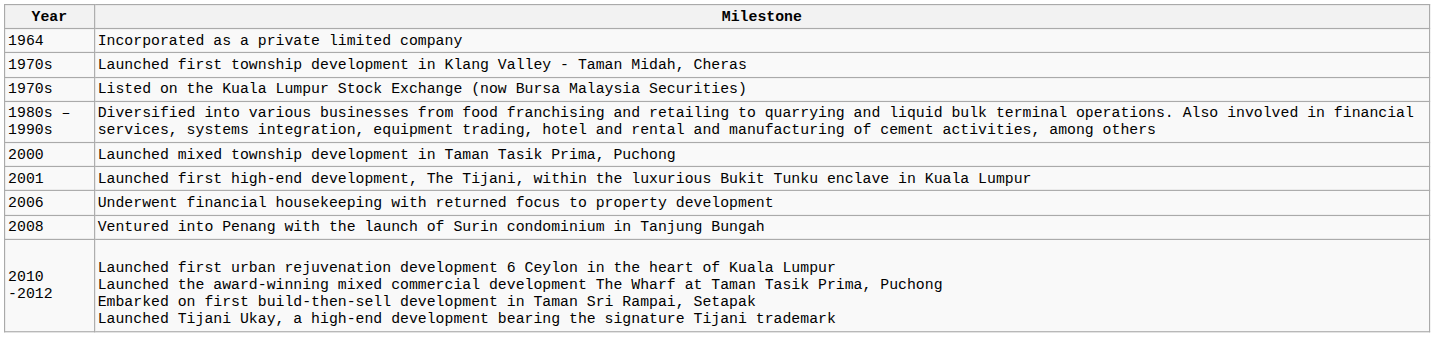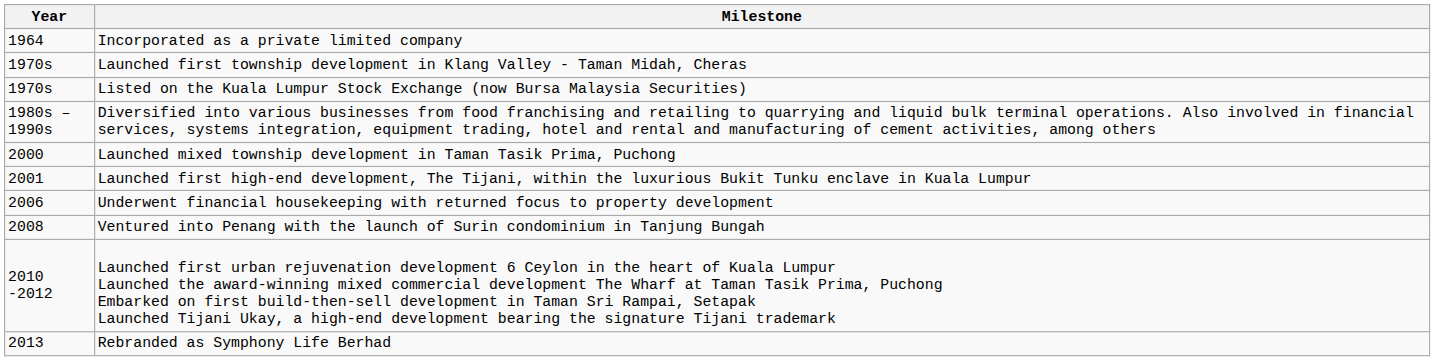 <table class="wikitable">
 <tr>
 <th>Year</th>
 <th>Milestone</th>
 </tr>
 <tr>
 <td>1964</td>
 <td>Incorporated as a private limited company</td>
 </tr>
 <tr>
 <td>1970s</td>
 <td>Launched first township development in Klang Valley - Taman Midah, Cheras</td>
 </tr>
 <tr>
 <td>1970s</td>
 <td>Listed on the Kuala Lumpur Stock Exchange (now Bursa Malaysia Securities)</td>
 </tr>
 <tr>
 <td>1980s – 1990s</td>
 <td>Diversified into various businesses from food franchising and retailing to quarrying and liquid bulk terminal operations. Also involved in financial services, systems integration, equipment trading, hotel and rental and manufacturing of cement activities, among others</td>
 </tr>
 <tr>
 <td>2000</td>
 <td>Launched mixed township development in Taman Tasik Prima, Puchong</td>
 </tr>
 <tr>
 <td>2001</td>
 <td>Launched first high-end development, The Tijani, within the luxurious Bukit Tunku enclave in Kuala Lumpur</td>
 </tr>
 <tr>
 <td>2006</td>
 <td>Underwent financial housekeeping with returned focus to property development</td>
 </tr>
 <tr>
 <td>2008</td>
 <td>Ventured into Penang with the launch of Surin condominium in Tanjung Bungah</td>
 </tr>
 <tr>
 <td>2010 -2012</td>
 <td><br>Launched first urban rejuvenation development 6 Ceylon in the heart of Kuala Lumpur<br> Launched the award-winning mixed commercial development The Wharf at Taman Tasik Prima, Puchong<br> Embarked on first build-then-sell development in Taman Sri Rampai, Setapak<br> Launched Tijani Ukay, a high-end development bearing the signature Tijani trademark</td>
 </tr>
+<tr>
+<td>2013</td>
+<td>Rebranded as Symphony Life Berhad</td>
+</tr>
 </table>
